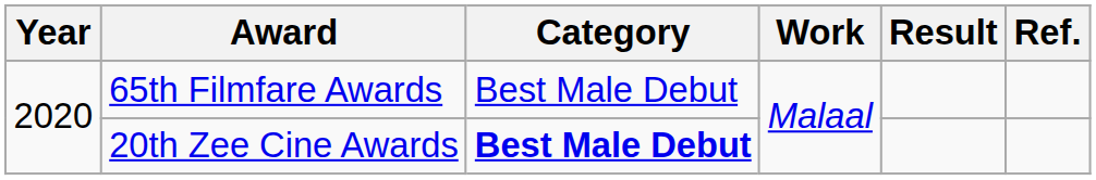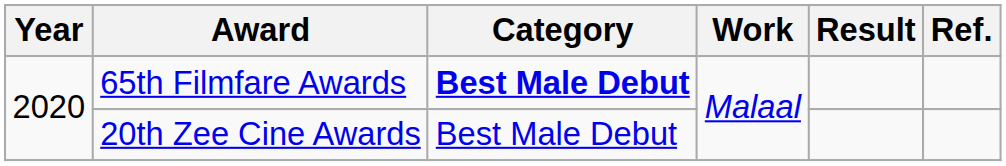 <table class="wikitable">
 <tr>
 <th>Year</th>
 <th>Award</th>
 <th>Category</th>
 <th>Work</th>
 <th>Result</th>
 <th>Ref.</th>
 </tr>
 <tr>
 <td rowspan="2">2020</td>
 <td><a href='#'>65th Filmfare Awards</a></td>
-<td><a href='#'>Best Male Debut</a></td>
+<td><strong><a href='#'>Best Male Debut</a></strong></td>
 <td rowspan="2"><em><a href='#'>Malaal</a></em></td>
 <td></td>
 <td></td>
 </tr>
 <tr>
 <td><a href='#'>20th Zee Cine Awards</a></td>
-<td><strong><a href='#'>Best Male Debut</a></strong></td>
+<td><a href='#'>Best Male Debut</a></td>
 <td></td>
 <td></td>
 </tr>
 </table>
